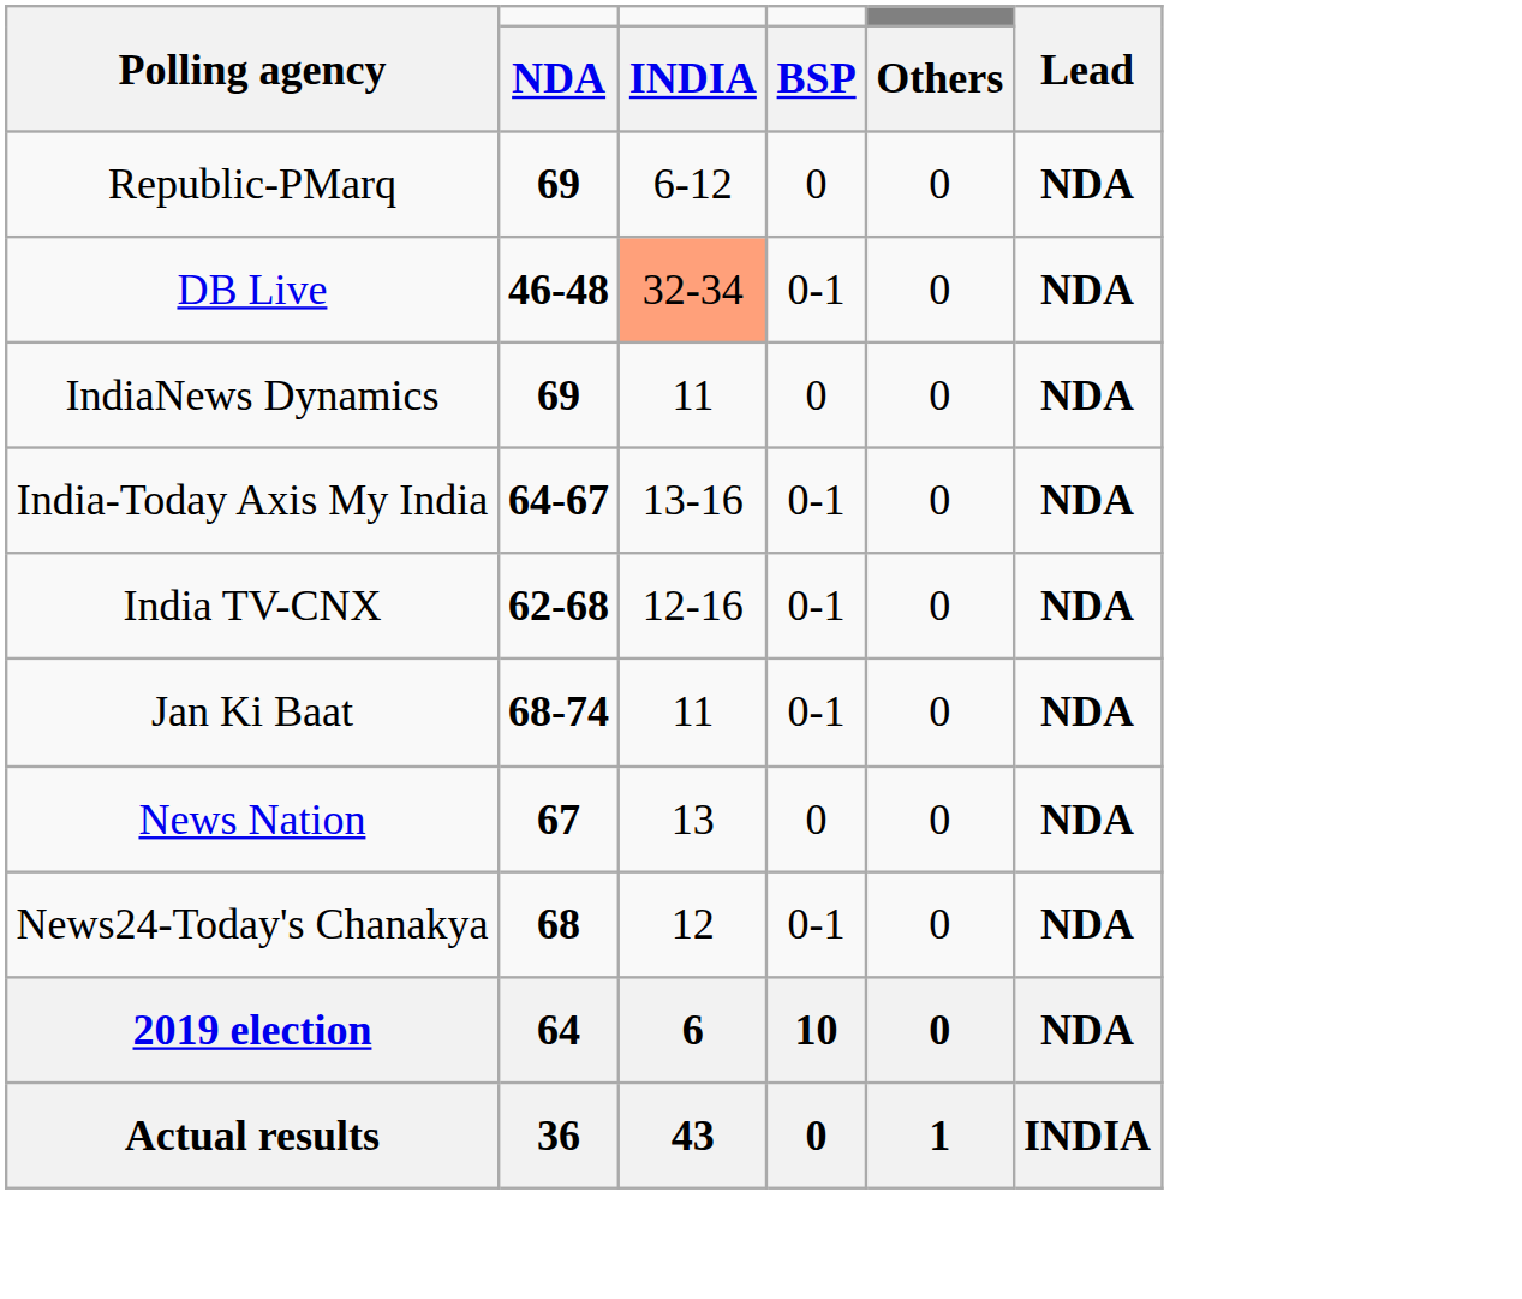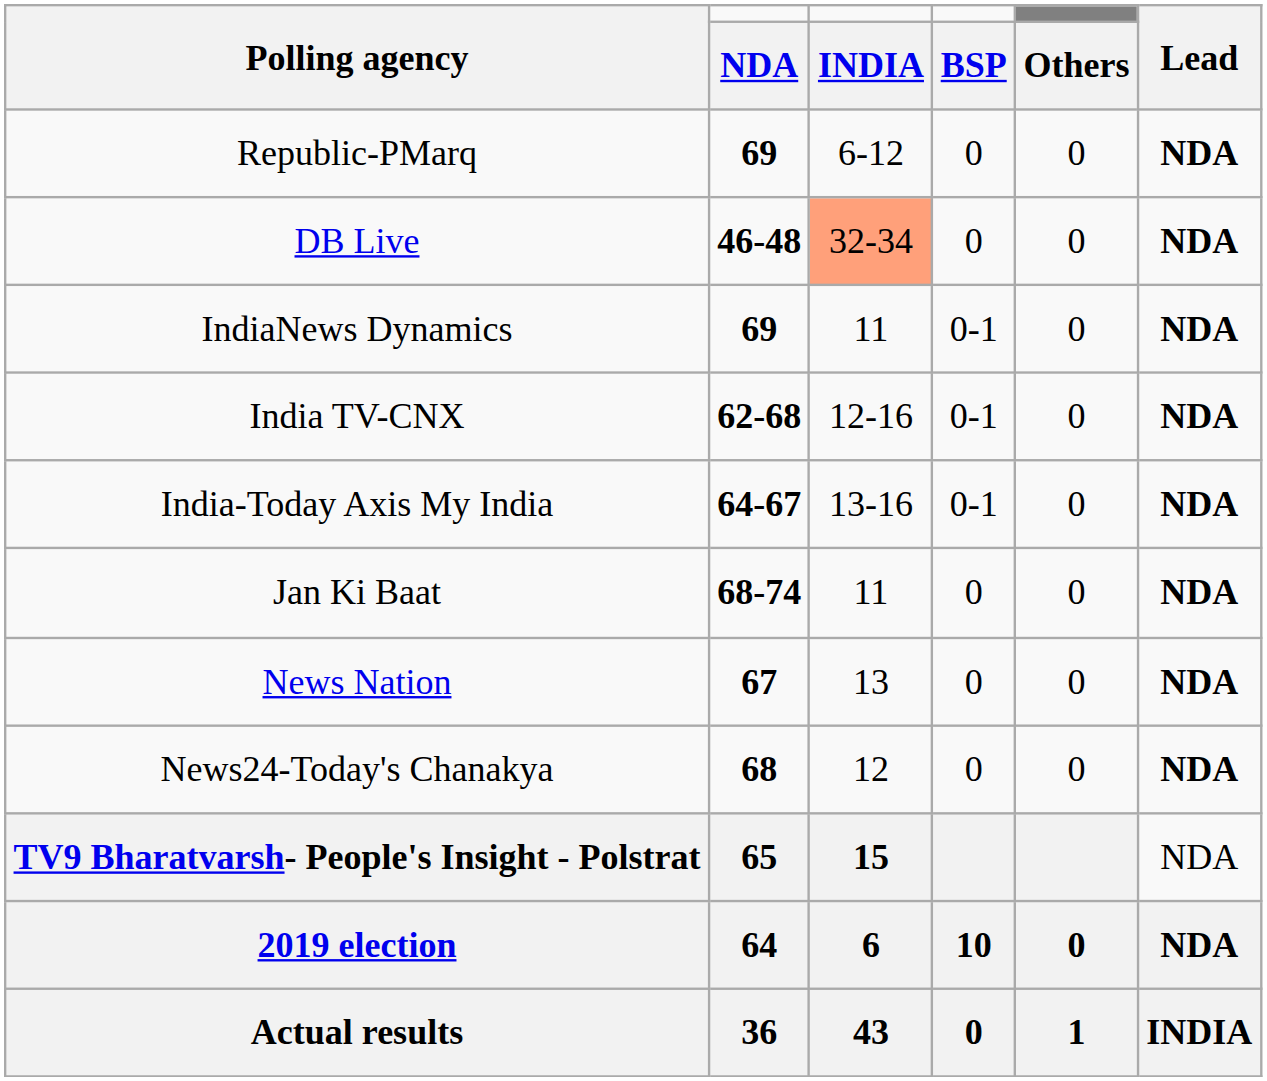 <table class="wikitable" style="text-align:center;font-size:95%;line-height:30px;">
 <tr>
 <th rowspan="2" class="wikitable">Polling agency</th>
 <td></td>
 <td></td>
 <td></td>
 <td style="background:grey;"></td>
 <th rowspan="2">Lead</th>
 </tr>
 <tr>
 <th class="wikitable"><a href='#'>NDA</a></th>
 <th class="wikitable"><a href='#'>INDIA</a></th>
 <th class="wikitable"><a href='#'>BSP</a></th>
 <th class="wikitable">Others</th>
 </tr>
 <tr>
 <td>Republic-PMarq</td>
 <td bgcolor=><strong>69</strong></td>
 <td>6-12</td>
 <td>0</td>
 <td>0</td>
 <td bgcolor=><strong>NDA</strong></td>
 </tr>
 <tr>
 <td><a href='#'>DB Live</a></td>
 <td style="background:"><strong>46-48</strong></td>
 <td style="background: lightsalmon;">32-34</td>
-<td>0-1</td>
+<td>0</td>
 <td>0</td>
 <td style="background:"><strong>NDA</strong></td>
 </tr>
 <tr>
 <td>IndiaNews Dynamics</td>
 <td bgcolor=><strong>69</strong></td>
 <td>11</td>
+<td>0-1</td>
 <td>0</td>
+<td bgcolor=><strong>NDA</strong></td>
+</tr>
+<tr>
+<td>India TV-CNX</td>
+<td bgcolor=><strong>62-68</strong></td>
+<td>12-16</td>
+<td>0-1</td>
 <td>0</td>
 <td bgcolor=><strong>NDA</strong></td>
 </tr>
 <tr>
 <td>India-Today Axis My India</td>
 <td><strong>64-67</strong></td>
 <td>13-16</td>
 <td>0-1</td>
 <td>0</td>
 <td><strong>NDA</strong></td>
 </tr>
 <tr>
-<td>India TV-CNX</td>
-<td bgcolor=><strong>62-68</strong></td>
-<td>12-16</td>
-<td>0-1</td>
-<td>0</td>
-<td bgcolor=><strong>NDA</strong></td>
-</tr>
-<tr>
 <td>Jan Ki Baat</td>
 <td><strong>68-74</strong></td>
 <td>11</td>
-<td>0-1</td>
+<td>0</td>
 <td>0</td>
 <td><strong>NDA</strong></td>
 </tr>
 <tr>
 <td><a href='#'>News Nation</a></td>
 <td><strong>67</strong></td>
 <td>13</td>
 <td>0</td>
 <td>0</td>
 <td><strong>NDA</strong></td>
 </tr>
 <tr>
 <td>News24-Today's Chanakya</td>
 <td><strong>68</strong></td>
 <td>12</td>
-<td>0-1</td>
+<td>0</td>
 <td>0</td>
 <td bgcolor=><strong>NDA</strong></td>
+</tr>
+<tr>
+<th><a href='#'>TV9 Bharatvarsh</a>- People's Insight - Polstrat</th>
+<th>65</th>
+<th>15</th>
+<th></th>
+<th></th>
+<td>NDA</td>
 </tr>
 <tr>
 <th><a href='#'><strong>2019 election</strong></a></th>
 <th style="background:"><strong>64</strong></th>
 <th>6</th>
 <th>10</th>
 <th>0</th>
 <th style="background:"><strong>NDA</strong></th>
 </tr>
 <tr>
 <th>Actual results</th>
 <th>36</th>
 <th style="background:"><strong>43</strong></th>
 <th>0</th>
 <th>1</th>
 <th !style="background:"><strong>INDIA</strong></th>
 </tr>
 </table>
